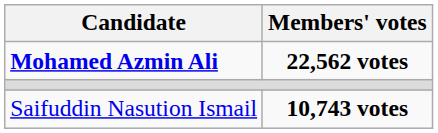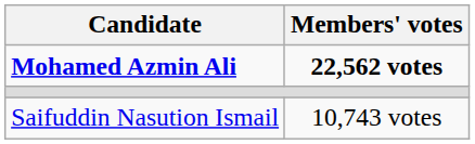 <table class=wikitable style=text-align:center>
 <tr>
 <th>Candidate</th>
 <th>Members' votes</th>
 </tr>
 <tr>
 <td align=left><strong><a href='#'>Mohamed Azmin Ali</a></strong></td>
 <td><strong>22,562 votes</strong></td>
 </tr>
 <tr>
 <td colspan=3 bgcolor=dcdcdc></td>
 </tr>
 <tr>
 <td align=left><a href='#'>Saifuddin Nasution Ismail</a></td>
-<td><strong>10,743 votes</strong></td>
+<td>10,743 votes</td>
 </tr>
 </table>
